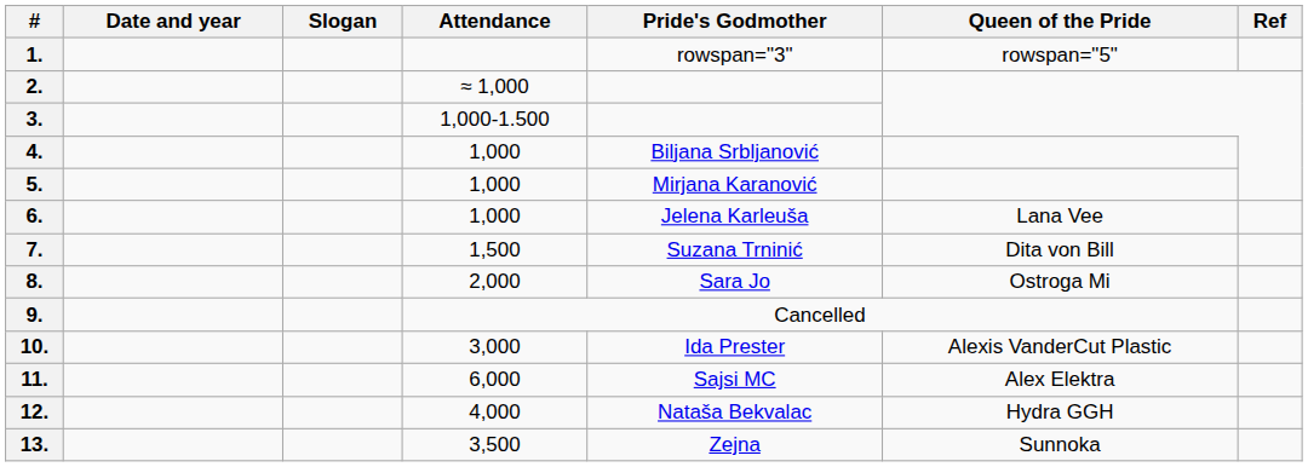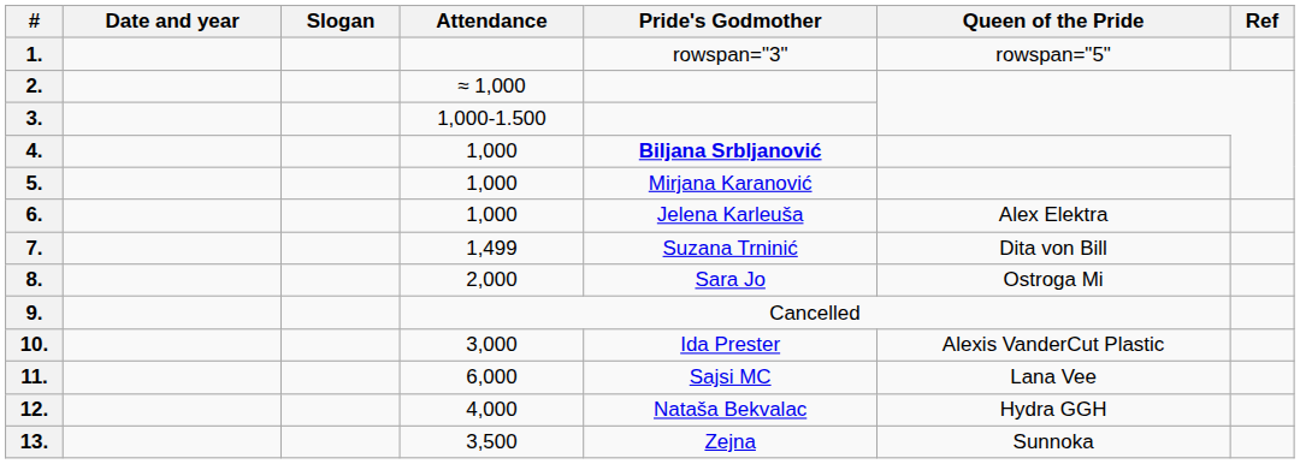 <table class="wikitable" style="font-size:100%; width:80%; text-align:center">
 <tr>
 <th>#</th>
 <th>Date and year</th>
 <th>Slogan</th>
 <th>Attendance</th>
 <th>Pride's Godmother</th>
 <th>Queen of the Pride</th>
 <th>Ref</th>
 </tr>
 <tr>
 <th><strong>1.</strong></th>
 <td></td>
 <td><strong></strong><br></td>
 <td></td>
 <td>rowspan="3" </td>
 <td>rowspan="5" </td>
 <td></td>
 </tr>
 <tr>
 <th><strong>2.</strong></th>
 <td></td>
 <td><strong></strong><br></td>
 <td>≈ 1,000</td>
 <td></td>
 </tr>
 <tr>
 <th><strong>3.</strong></th>
 <td></td>
 <td><strong></strong><br></td>
 <td>1,000-1.500</td>
 <td></td>
 </tr>
 <tr>
 <th><strong>4.</strong></th>
 <td></td>
 <td><strong></strong><br></td>
 <td>1,000</td>
-<td><a href='#'>Biljana Srbljanović</a></td>
+<td><strong><a href='#'>Biljana Srbljanović</a></strong></td>
 <td></td>
 </tr>
 <tr>
 <th><strong>5.</strong></th>
 <td></td>
 <td><strong></strong><br></td>
 <td>1,000</td>
 <td><a href='#'>Mirjana Karanović</a></td>
 <td></td>
 </tr>
 <tr>
 <th><strong>6.</strong></th>
 <td></td>
 <td><strong></strong><br></td>
 <td>1,000</td>
 <td><a href='#'>Jelena Karleuša</a></td>
-<td>Lana Vee</td>
+<td>Alex Elektra</td>
 <td></td>
 </tr>
 <tr>
 <th><strong>7.</strong></th>
 <td></td>
 <td><strong></strong><br></td>
-<td>1,500</td>
+<td>1,499</td>
 <td><a href='#'>Suzana Trninić</a></td>
 <td>Dita von Bill</td>
 <td></td>
 </tr>
 <tr>
 <th><strong>8.</strong></th>
 <td></td>
 <td><strong></strong><br></td>
 <td>2,000</td>
 <td><a href='#'>Sara Jo</a></td>
 <td>Ostroga Mi</td>
 <td></td>
 </tr>
 <tr>
 <th><strong>9.</strong></th>
 <td></td>
 <td><strong></strong><br></td>
 <td colspan="3">Cancelled</td>
 <td></td>
 </tr>
 <tr>
 <th><strong>10.</strong></th>
 <td></td>
 <td><strong></strong><br></td>
 <td>3,000</td>
 <td><a href='#'>Ida Prester</a></td>
 <td>Alexis VanderCut Plastic</td>
 <td></td>
 </tr>
 <tr>
 <th><strong>11.</strong></th>
 <td></td>
 <td><strong></strong><br></td>
 <td>6,000</td>
 <td><a href='#'>Sajsi MC</a></td>
-<td>Alex Elektra</td>
+<td>Lana Vee</td>
 <td></td>
 </tr>
 <tr>
 <th><strong>12.</strong></th>
 <td></td>
 <td><strong></strong><br></td>
 <td>4,000</td>
 <td><a href='#'>Nataša Bekvalac</a></td>
 <td>Hydra GGH</td>
 <td></td>
 </tr>
 <tr>
 <th><strong>13.</strong></th>
 <td></td>
 <td><strong></strong><br></td>
 <td>3,500</td>
 <td><a href='#'>Zejna</a></td>
 <td>Sunnoka</td>
 <td></td>
 </tr>
 </table>
